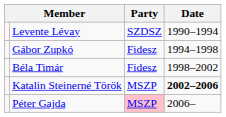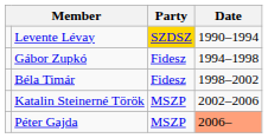 <table class=wikitable>
 <tr>
 <th colspan=2>Member</th>
 <th>Party</th>
 <th>Date</th>
 </tr>
 <tr>
 <td style="background-color:"></td>
 <td><a href='#'>Levente Lévay</a></td>
-<td><a href='#'>SZDSZ</a></td>
+<td style="background: gold;"><a href='#'>SZDSZ</a></td>
 <td>1990–1994</td>
 </tr>
 <tr>
 <td style="background-color:"></td>
 <td><a href='#'>Gábor Zupkó</a></td>
 <td><a href='#'>Fidesz</a></td>
 <td>1994–1998</td>
 </tr>
 <tr>
 <td style="background-color:"></td>
 <td><a href='#'>Béla Timár</a></td>
 <td><a href='#'>Fidesz</a></td>
 <td>1998–2002</td>
 </tr>
 <tr>
 <td style="background-color:"></td>
 <td><a href='#'>Katalin Steinerné Török</a></td>
 <td><a href='#'>MSZP</a></td>
-<td><strong>2002–2006</strong></td>
+<td>2002–2006</td>
 </tr>
 <tr>
 <td style="background-color:"></td>
 <td><a href='#'>Péter Gajda</a></td>
-<td style="background: pink;"><a href='#'>MSZP</a></td>
-<td>2006–</td>
+<td><a href='#'>MSZP</a></td>
+<td style="background: lightsalmon;">2006–</td>
 </tr>
 </table>
